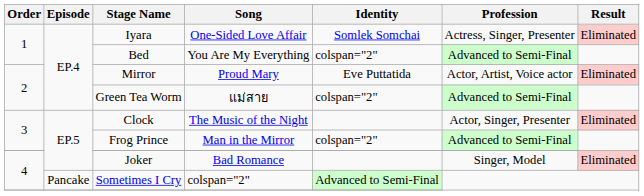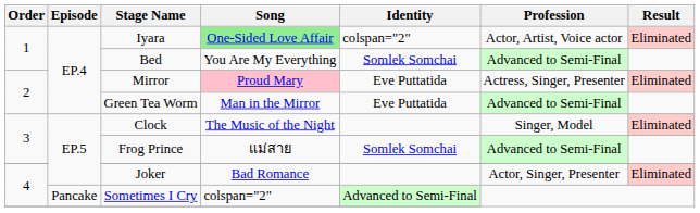 <table class="wikitable">
 <tr>
 <th>Order</th>
 <th>Episode</th>
 <th>Stage Name</th>
 <th>Song</th>
 <th>Identity</th>
 <th>Profession</th>
 <th>Result</th>
 </tr>
 <tr>
 <td rowspan="2" style="text-align:center;">1</td>
 <td rowspan="4" align="center">EP.4</td>
 <td style="text-align:center;">Iyara</td>
-<td style="text-align:center;"><a href='#'>One-Sided Love Affair</a></td>
-<td style="text-align:center;"><a href='#'>Somlek Somchai</a></td>
-<td style="text-align:center;">Actress, Singer, Presenter</td>
+<td style="background: lightgreen; text-align:center;"><a href='#'>One-Sided Love Affair</a></td>
+<td>colspan="2"  </td>
+<td style="text-align:center;">Actor, Artist, Voice actor</td>
 <td style="text-align:center; background:#ffcccc;">Eliminated</td>
 </tr>
 <tr>
 <td style="text-align:center;">Bed</td>
 <td style="text-align:center;">You Are My Everything</td>
-<td>colspan="2"  </td>
+<td style="text-align:center;"><a href='#'>Somlek Somchai</a></td>
 <td style="text-align:center; background:#ccffcc;">Advanced to Semi-Final</td>
 </tr>
 <tr>
 <td rowspan="2" style="text-align:center;">2</td>
 <td style="text-align:center;">Mirror</td>
-<td style="text-align:center;"><a href='#'>Proud Mary</a></td>
+<td style="background: pink; text-align:center;"><a href='#'>Proud Mary</a></td>
 <td style="text-align:center;">Eve Puttatida</td>
-<td style="text-align:center;">Actor, Artist, Voice actor</td>
+<td style="text-align:center;">Actress, Singer, Presenter</td>
 <td style="text-align:center; background:#ffcccc;">Eliminated</td>
 </tr>
 <tr>
 <td style="text-align:center;">Green Tea Worm</td>
-<td style="text-align:center;">แม่สาย</td>
-<td>colspan="2"  </td>
+<td style="text-align:center;"><a href='#'>Man in the Mirror</a></td>
+<td style="text-align:center;">Eve Puttatida</td>
 <td style="text-align:center; background:#ccffcc;">Advanced to Semi-Final</td>
 </tr>
 <tr>
 <td rowspan="2" style="text-align:center;">3</td>
 <td rowspan="4" align="center">EP.5</td>
 <td style="text-align:center;">Clock</td>
 <td style="text-align:center;"><a href='#'>The Music of the Night</a></td>
 <td style="text-align:center;"></td>
-<td style="text-align:center;">Actor, Singer, Presenter</td>
+<td style="text-align:center;">Singer, Model</td>
 <td style="text-align:center; background:#ffcccc;">Eliminated</td>
 </tr>
 <tr>
 <td style="text-align:center;">Frog Prince</td>
-<td style="text-align:center;"><a href='#'>Man in the Mirror</a></td>
-<td>colspan="2"  </td>
+<td style="text-align:center;">แม่สาย</td>
+<td style="text-align:center;"><a href='#'>Somlek Somchai</a></td>
 <td style="text-align:center; background:#ccffcc;">Advanced to Semi-Final</td>
 </tr>
 <tr>
 </tr>
 <tr style="text-align:center;">
 <td rowspan="2">4</td>
 <td style="text-align:center;">Joker</td>
 <td style="text-align:center;"><a href='#'>Bad Romance</a></td>
 <td style="text-align:center;"></td>
-<td style="text-align:center;">Singer, Model</td>
+<td style="text-align:center;">Actor, Singer, Presenter</td>
 <td style="text-align:center; background:#ffcccc;">Eliminated</td>
 </tr>
 <tr>
 <td style="text-align:center;">Pancake</td>
 <td style="text-align:center;"><a href='#'>Sometimes I Cry</a></td>
 <td>colspan="2"  </td>
 <td style="text-align:center; background:#ccffcc;">Advanced to Semi-Final</td>
 </tr>
 <tr>
 </tr>
 </table>
